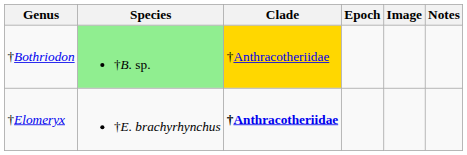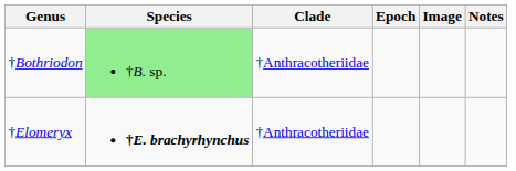 <table class="wikitable sortable">
 <tr>
 <th>Genus</th>
 <th>Species</th>
 <th>Clade</th>
 <th>Epoch</th>
 <th>Image</th>
 <th>Notes</th>
 </tr>
 <tr>
 <td>†<em><a href='#'>Bothriodon</a></em></td>
 <td style="background: lightgreen;"><br><ul><li>†<em>B.</em> sp.</li></ul></td>
-<td style="background: gold;">†<a href='#'>Anthracotheriidae</a></td>
+<td>†<a href='#'>Anthracotheriidae</a></td>
 <td></td>
 <td></td>
 <td></td>
 </tr>
 <tr>
 <td>†<em><a href='#'>Elomeryx</a></em></td>
-<td><br><ul><li>†<em>E. brachyrhynchus</em></li></ul></td>
-<td><strong>†<a href='#'>Anthracotheriidae</a></strong></td>
+<td><strong><br><ul><li>†<em>E. brachyrhynchus</em></li></ul></strong></td>
+<td>†<a href='#'>Anthracotheriidae</a></td>
 <td></td>
 <td></td>
 </tr>
 </table>
